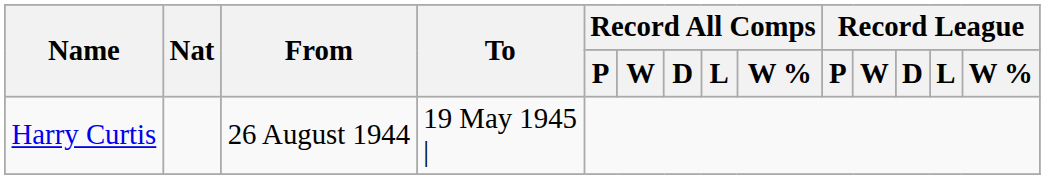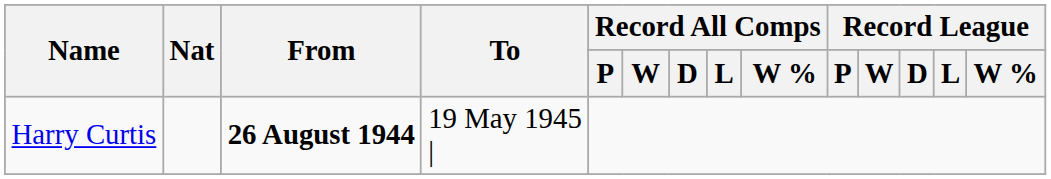 <table class="wikitable" style="text-align: center">
 <tr>
 <th rowspan="2">Name</th>
 <th rowspan="2">Nat</th>
 <th rowspan="2">From</th>
 <th rowspan="2">To</th>
 <th colspan="5">Record All Comps</th>
 <th colspan="5">Record League</th>
 </tr>
 <tr>
 <th>P</th>
 <th>W</th>
 <th>D</th>
 <th>L</th>
 <th>W %</th>
 <th>P</th>
 <th>W</th>
 <th>D</th>
 <th>L</th>
 <th>W %</th>
 </tr>
 <tr>
 <td align=left><a href='#'>Harry Curtis</a></td>
 <td></td>
-<td align=left>26 August 1944</td>
+<td align=left><strong>26 August 1944</strong></td>
 <td align=left>19 May 1945<br>|</td>
 </tr>
 </table>
